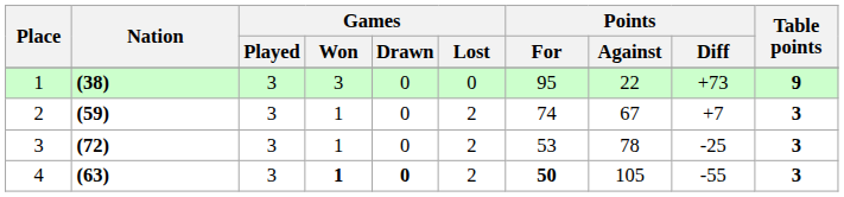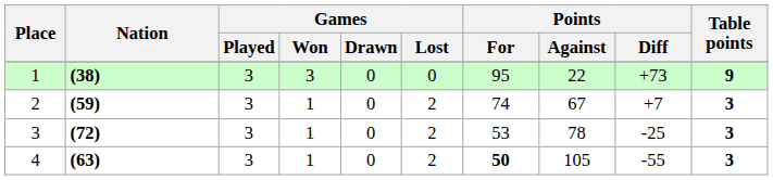 <table class="wikitable">
 <tr>
 <th rowspan=2 width="8%">Place</th>
 <th rowspan=2 width="20%">Nation</th>
 <th colspan=4 width="32%">Games</th>
 <th colspan=3 width="30%">Points</th>
 <th rowspan=2 width="10%">Table<br>points</th>
 </tr>
 <tr>
 <th width="8%">Played</th>
 <th width="8%">Won</th>
 <th width="8%">Drawn</th>
 <th width="8%">Lost</th>
 <th width="10%">For</th>
 <th width="10%">Against</th>
 <th width="10%">Diff</th>
 </tr>
 <tr>
 </tr>
 <tr bgcolor=#ccffcc align=center>
 <td>1</td>
 <td align=left> <strong>(38)</strong></td>
 <td>3</td>
 <td>3</td>
 <td>0</td>
 <td>0</td>
 <td>95</td>
 <td>22</td>
 <td>+73</td>
 <td><strong>9</strong></td>
 </tr>
 <tr bgcolor=#ffffff align=center>
 <td>2</td>
 <td align=left> <strong>(59)</strong></td>
 <td>3</td>
 <td>1</td>
 <td>0</td>
 <td>2</td>
 <td>74</td>
 <td>67</td>
 <td>+7</td>
 <td><strong>3</strong></td>
 </tr>
 <tr bgcolor=#ffffff align=center>
 <td>3</td>
 <td align=left> <strong>(72)</strong></td>
 <td>3</td>
 <td>1</td>
 <td>0</td>
 <td>2</td>
 <td>53</td>
 <td>78</td>
 <td>-25</td>
 <td><strong>3</strong></td>
 </tr>
 <tr bgcolor=#ffffff align=center>
 <td>4</td>
 <td align=left> <strong>(63)</strong></td>
 <td>3</td>
-<td><strong>1</strong></td>
-<td><strong>0</strong></td>
+<td>1</td>
+<td>0</td>
 <td>2</td>
 <td><strong>50</strong></td>
 <td>105</td>
 <td>-55</td>
 <td><strong>3</strong></td>
 </tr>
 </table>
